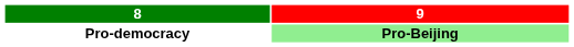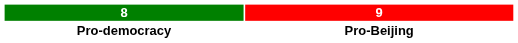 <table style="width:50%; text-align:center;">
 <tr style="color:white;">
 <td style="background:green; width:47.1%;"><strong>8</strong></td>
 <td style="background:red; width:52.9%;"><strong>9</strong></td>
 </tr>
 <tr>
 <td><span><strong>Pro-democracy</strong></span></td>
-<td style="background: lightgreen;"><span><strong>Pro-Beijing</strong></span></td>
+<td><span><strong>Pro-Beijing</strong></span></td>
 </tr>
 </table>
